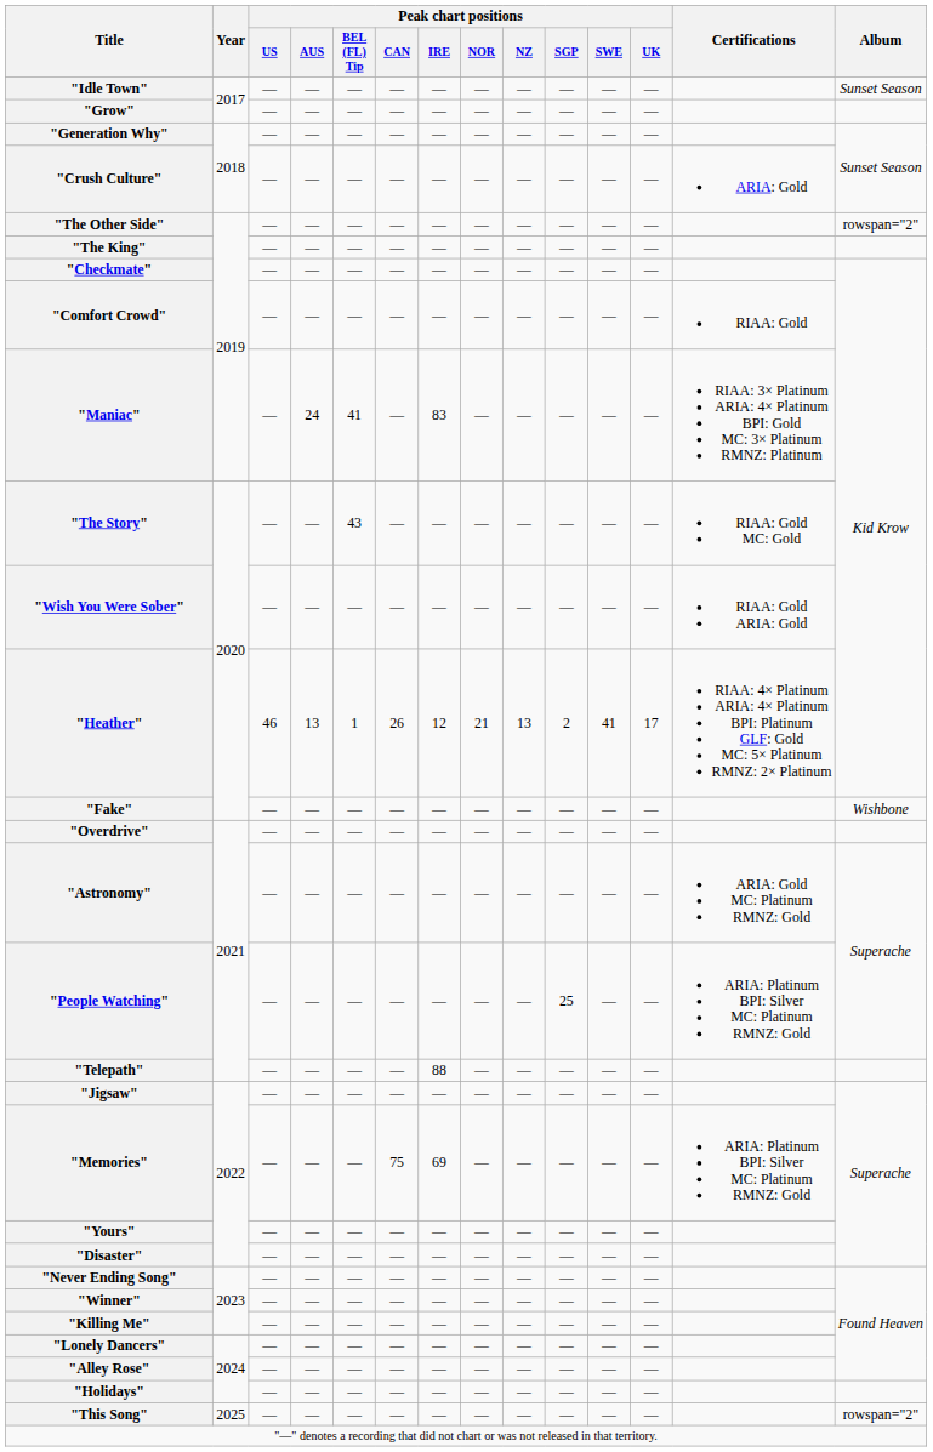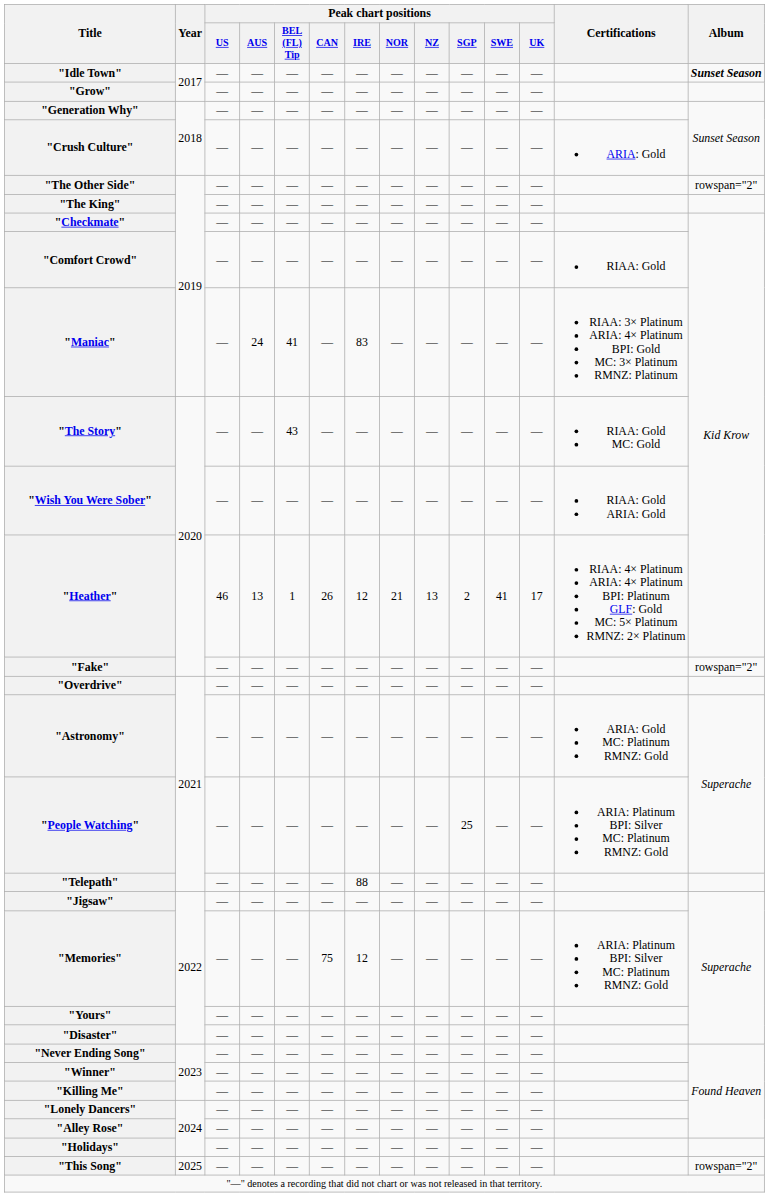 <table class="wikitable plainrowheaders" style=text-align:center;>
 <tr>
 <th scope="col" rowspan="2" style="width:14em;">Title</th>
 <th scope="col" rowspan="2" style="width:1em;">Year</th>
 <th scope="col" colspan="10">Peak chart positions</th>
 <th scope="col" rowspan="2">Certifications</th>
 <th scope="col" rowspan="2">Album</th>
 </tr>
 <tr>
 <th scope="col" style="width:3em;font-size:85%;"><a href='#'>US</a><br></th>
 <th scope="col" style="width:3em;font-size:85%;"><a href='#'>AUS</a><br></th>
 <th scope="col" style="width:3em;font-size:85%;"><a href='#'>BEL<br>(FL)<br>Tip</a><br></th>
 <th scope="col" style="width:3em;font-size:85%;"><a href='#'>CAN</a><br></th>
 <th scope="col" style="width:3em;font-size:85%;"><a href='#'>IRE</a><br></th>
 <th scope="col" style="width:3em;font-size:85%;"><a href='#'>NOR</a><br></th>
 <th scope="col" style="width:3em;font-size:85%;"><a href='#'>NZ</a><br></th>
 <th scope="col" style="width:3em;font-size:85%;"><a href='#'>SGP</a><br></th>
 <th scope="col" style="width:3em;font-size:85%;"><a href='#'>SWE</a><br></th>
 <th scope="col" style="width:3em;font-size:85%;"><a href='#'>UK</a><br></th>
 </tr>
 <tr>
 <th scope="row">"Idle Town"</th>
 <td rowspan="2">2017</td>
 <td>—</td>
 <td>—</td>
 <td>—</td>
 <td>—</td>
 <td>—</td>
 <td>—</td>
 <td>—</td>
 <td>—</td>
 <td>—</td>
 <td>—</td>
 <td></td>
-<td><em>Sunset Season</em></td>
+<td><strong><em>Sunset Season</em></strong></td>
 </tr>
 <tr>
 <th scope="row">"Grow"</th>
 <td>—</td>
 <td>—</td>
 <td>—</td>
 <td>—</td>
 <td>—</td>
 <td>—</td>
 <td>—</td>
 <td>—</td>
 <td>—</td>
 <td>—</td>
 <td></td>
 <td></td>
 </tr>
 <tr>
 <th scope="row">"Generation Why"</th>
 <td rowspan="2">2018</td>
 <td>—</td>
 <td>—</td>
 <td>—</td>
 <td>—</td>
 <td>—</td>
 <td>—</td>
 <td>—</td>
 <td>—</td>
 <td>—</td>
 <td>—</td>
 <td></td>
 <td rowspan="2"><em>Sunset Season</em></td>
 </tr>
 <tr>
 <th scope="row">"Crush Culture"</th>
 <td>—</td>
 <td>—</td>
 <td>—</td>
 <td>—</td>
 <td>—</td>
 <td>—</td>
 <td>—</td>
 <td>—</td>
 <td>—</td>
 <td>—</td>
 <td><br><ul><li><a href='#'>ARIA</a>: Gold</li></ul></td>
 </tr>
 <tr>
 <th scope="row">"The Other Side"</th>
 <td rowspan="5">2019</td>
 <td>—</td>
 <td>—</td>
 <td>—</td>
 <td>—</td>
 <td>—</td>
 <td>—</td>
 <td>—</td>
 <td>—</td>
 <td>—</td>
 <td>—</td>
 <td></td>
 <td>rowspan="2" </td>
 </tr>
 <tr>
 <th scope="row">"The King"</th>
 <td>—</td>
 <td>—</td>
 <td>—</td>
 <td>—</td>
 <td>—</td>
 <td>—</td>
 <td>—</td>
 <td>—</td>
 <td>—</td>
 <td>—</td>
 <td></td>
 </tr>
 <tr>
 <th scope="row">"<a href='#'>Checkmate</a>"</th>
 <td>—</td>
 <td>—</td>
 <td>—</td>
 <td>—</td>
 <td>—</td>
 <td>—</td>
 <td>—</td>
 <td>—</td>
 <td>—</td>
 <td>—</td>
 <td></td>
 <td rowspan="6"><em>Kid Krow</em></td>
 </tr>
 <tr>
 <th scope="row">"Comfort Crowd"</th>
 <td>—</td>
 <td>—</td>
 <td>—</td>
 <td>—</td>
 <td>—</td>
 <td>—</td>
 <td>—</td>
 <td>—</td>
 <td>—</td>
 <td>—</td>
 <td><br><ul><li>RIAA: Gold</li></ul></td>
 </tr>
 <tr>
 <th scope="row">"<a href='#'>Maniac</a>"</th>
 <td>—</td>
 <td>24</td>
 <td>41</td>
 <td>—</td>
 <td>83</td>
 <td>—</td>
 <td>—</td>
 <td>—</td>
 <td>—</td>
 <td>—</td>
 <td><br><ul><li>RIAA: 3× Platinum</li><li>ARIA: 4× Platinum</li><li>BPI: Gold</li><li>MC: 3× Platinum</li><li>RMNZ: Platinum</li></ul></td>
 </tr>
 <tr>
 <th scope="row">"<a href='#'>The Story</a>"</th>
 <td rowspan="4">2020</td>
 <td>—</td>
 <td>—</td>
 <td>43</td>
 <td>—</td>
 <td>—</td>
 <td>—</td>
 <td>—</td>
 <td>—</td>
 <td>—</td>
 <td>—</td>
 <td><br><ul><li>RIAA: Gold</li><li>MC: Gold</li></ul></td>
 </tr>
 <tr>
 <th scope="row">"<a href='#'>Wish You Were Sober</a>"</th>
 <td>—</td>
 <td>—</td>
 <td>—</td>
 <td>—</td>
 <td>—</td>
 <td>—</td>
 <td>—</td>
 <td>—</td>
 <td>—</td>
 <td>—</td>
 <td><br><ul><li>RIAA: Gold</li><li>ARIA: Gold</li></ul></td>
 </tr>
 <tr>
 <th scope="row">"<a href='#'>Heather</a>"</th>
 <td>46</td>
 <td>13</td>
 <td>1</td>
 <td>26</td>
 <td>12</td>
 <td>21</td>
 <td>13</td>
 <td>2</td>
 <td>41</td>
 <td>17</td>
 <td><br><ul><li>RIAA: 4× Platinum</li><li>ARIA: 4× Platinum</li><li>BPI: Platinum</li><li><a href='#'>GLF</a>: Gold</li><li>MC: 5× Platinum</li><li>RMNZ: 2× Platinum</li></ul></td>
 </tr>
 <tr>
 <th scope="row">"Fake"<br></th>
 <td>—</td>
 <td>—</td>
 <td>—</td>
 <td>—</td>
 <td>—</td>
 <td>—</td>
 <td>—</td>
 <td>—</td>
 <td>—</td>
 <td>—</td>
 <td></td>
-<td rowspan="1"><em>Wishbone</em></td>
+<td>rowspan="2" </td>
 </tr>
 <tr>
 <th scope="row">"Overdrive"</th>
 <td rowspan="4">2021</td>
 <td>—</td>
 <td>—</td>
 <td>—</td>
 <td>—</td>
 <td>—</td>
 <td>—</td>
 <td>—</td>
 <td>—</td>
 <td>—</td>
 <td>—</td>
 <td></td>
 </tr>
 <tr>
 <th scope="row">"Astronomy"</th>
 <td>—</td>
 <td>—</td>
 <td>—</td>
 <td>—</td>
 <td>—</td>
 <td>—</td>
 <td>—</td>
 <td>—</td>
 <td>—</td>
 <td>—</td>
 <td><br><ul><li>ARIA: Gold</li><li>MC: Platinum</li><li>RMNZ: Gold</li></ul></td>
 <td rowspan="2"><em>Superache</em></td>
 </tr>
 <tr>
 <th scope="row">"<a href='#'>People Watching</a>"</th>
 <td>—</td>
 <td>—</td>
 <td>—</td>
 <td>—</td>
 <td>—</td>
 <td>—</td>
 <td>—</td>
 <td>25</td>
 <td>—</td>
 <td>—</td>
 <td><br><ul><li>ARIA: Platinum</li><li>BPI: Silver</li><li>MC: Platinum</li><li>RMNZ: Gold</li></ul></td>
 </tr>
 <tr>
 <th scope="row">"Telepath"</th>
 <td>—</td>
 <td>—</td>
 <td>—</td>
 <td>—</td>
 <td>88</td>
 <td>—</td>
 <td>—</td>
 <td>—</td>
 <td>—</td>
 <td>—</td>
 <td></td>
 <td></td>
 </tr>
 <tr>
 <th scope="row">"Jigsaw"</th>
 <td rowspan="4">2022</td>
 <td>—</td>
 <td>—</td>
 <td>—</td>
 <td>—</td>
 <td>—</td>
 <td>—</td>
 <td>—</td>
 <td>—</td>
 <td>—</td>
 <td>—</td>
 <td></td>
 <td rowspan="4"><em>Superache</em></td>
 </tr>
 <tr>
 <th scope="row">"Memories"</th>
 <td>—</td>
 <td>—</td>
 <td>—</td>
 <td>75</td>
-<td>69</td>
+<td>12</td>
 <td>—</td>
 <td>—</td>
 <td>—</td>
 <td>—</td>
 <td>—</td>
 <td><br><ul><li>ARIA: Platinum</li><li>BPI: Silver</li><li>MC: Platinum</li><li>RMNZ: Gold</li></ul></td>
 </tr>
 <tr>
 <th scope="row">"Yours"</th>
 <td>—</td>
 <td>—</td>
 <td>—</td>
 <td>—</td>
 <td>—</td>
 <td>—</td>
 <td>—</td>
 <td>—</td>
 <td>—</td>
 <td>—</td>
 <td></td>
 </tr>
 <tr>
 <th scope="row">"Disaster"</th>
 <td>—</td>
 <td>—</td>
 <td>—</td>
 <td>—</td>
 <td>—</td>
 <td>—</td>
 <td>—</td>
 <td>—</td>
 <td>—</td>
 <td>—</td>
 <td></td>
 </tr>
 <tr>
 <th scope="row">"Never Ending Song"</th>
 <td rowspan="3">2023</td>
 <td>—</td>
 <td>—</td>
 <td>—</td>
 <td>—</td>
 <td>—</td>
 <td>—</td>
 <td>—</td>
 <td>—</td>
 <td>—</td>
 <td>—</td>
 <td></td>
 <td rowspan="5"><em>Found Heaven</em></td>
 </tr>
 <tr>
 <th scope="row">"Winner"</th>
 <td>—</td>
 <td>—</td>
 <td>—</td>
 <td>—</td>
 <td>—</td>
 <td>—</td>
 <td>—</td>
 <td>—</td>
 <td>—</td>
 <td>—</td>
 <td></td>
 </tr>
 <tr>
 <th scope="row">"Killing Me"</th>
 <td>—</td>
 <td>—</td>
 <td>—</td>
 <td>—</td>
 <td>—</td>
 <td>—</td>
 <td>—</td>
 <td>—</td>
 <td>—</td>
 <td>—</td>
 <td></td>
 </tr>
 <tr>
 <th scope="row">"Lonely Dancers"</th>
 <td rowspan="3">2024</td>
 <td>—</td>
 <td>—</td>
 <td>—</td>
 <td>—</td>
 <td>—</td>
 <td>—</td>
 <td>—</td>
 <td>—</td>
 <td>—</td>
 <td>—</td>
 <td></td>
 </tr>
 <tr>
 <th scope="row">"Alley Rose"</th>
 <td>—</td>
 <td>—</td>
 <td>—</td>
 <td>—</td>
 <td>—</td>
 <td>—</td>
 <td>—</td>
 <td>—</td>
 <td>—</td>
 <td>—</td>
 <td></td>
 </tr>
 <tr>
 <th scope="row">"Holidays"</th>
 <td>—</td>
 <td>—</td>
 <td>—</td>
 <td>—</td>
 <td>—</td>
 <td>—</td>
 <td>—</td>
 <td>—</td>
 <td>—</td>
 <td>—</td>
 <td></td>
 <td></td>
 </tr>
 <tr>
 <th scope="row">"This Song"</th>
 <td rowspan="1">2025</td>
 <td>—</td>
 <td>—</td>
 <td>—</td>
 <td>—</td>
 <td>—</td>
 <td>—</td>
 <td>—</td>
 <td>—</td>
 <td>—</td>
 <td>—</td>
 <td></td>
 <td>rowspan="2" </td>
 </tr>
 <tr>
 <td colspan="17" style="font-size:85%">"—" denotes a recording that did not chart or was not released in that territory.</td>
 </tr>
 </table>
